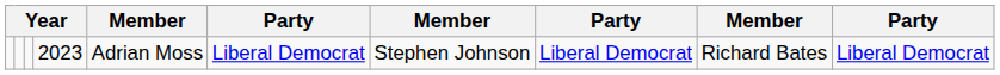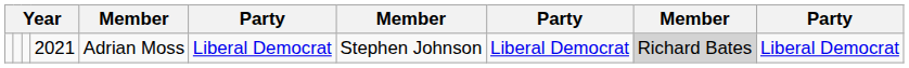 <table class="wikitable">
 <tr>
 <th colspan="4">Year</th>
 <th>Member</th>
 <th>Party</th>
 <th>Member</th>
 <th>Party</th>
 <th>Member</th>
 <th>Party</th>
 </tr>
 <tr>
 <td style="background-color: "></td>
 <td style="background-color: "></td>
 <td style="background-color: "></td>
-<td>2023</td>
+<td>2021</td>
 <td>Adrian Moss</td>
 <td><a href='#'>Liberal Democrat</a></td>
 <td>Stephen Johnson</td>
 <td><a href='#'>Liberal Democrat</a></td>
-<td>Richard Bates</td>
+<td style="background: lightgrey;">Richard Bates</td>
 <td><a href='#'>Liberal Democrat</a></td>
 </tr>
 </table>
